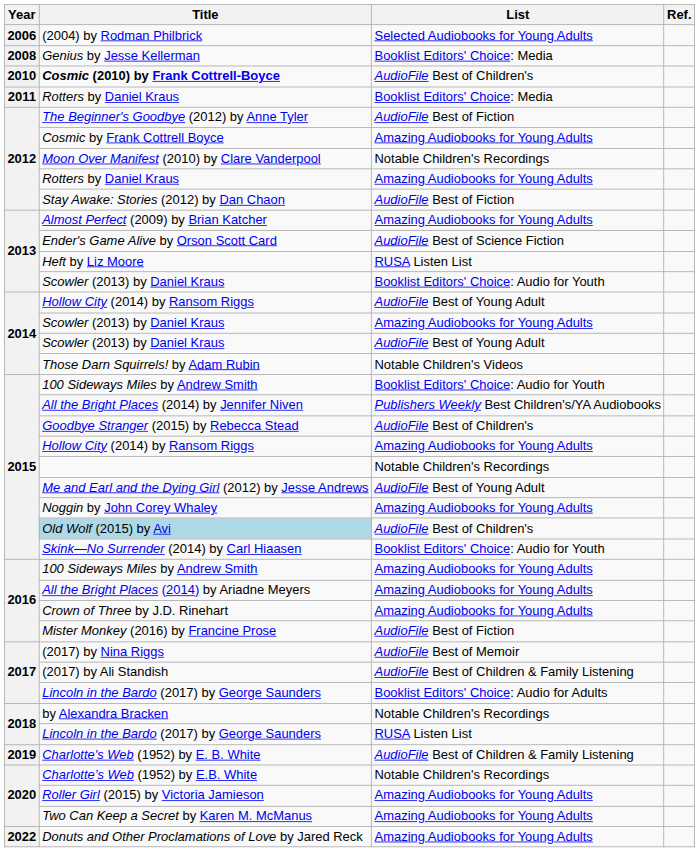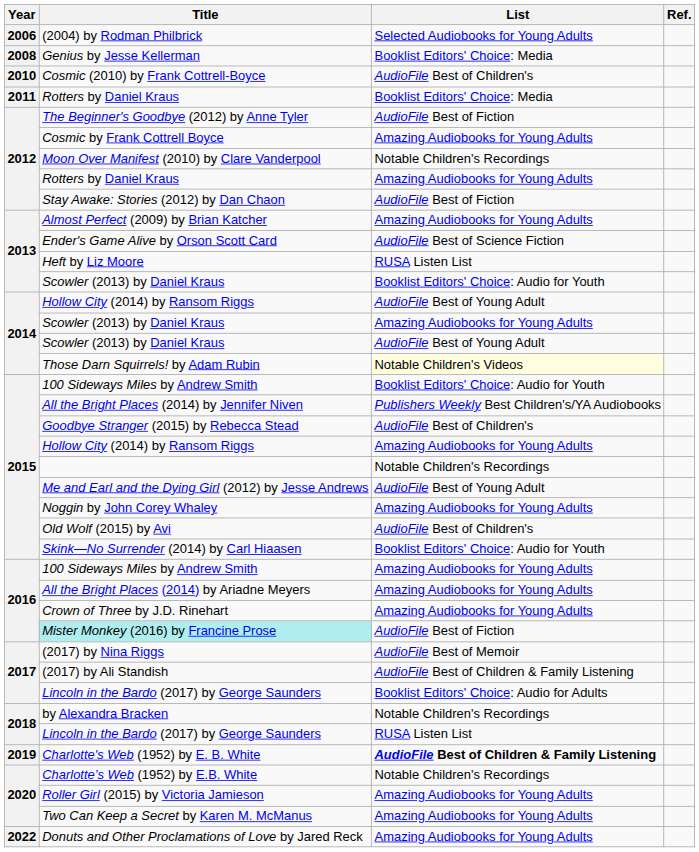 <table class="wikitable sortable mw-collapsible">
 <tr>
 <th>Year</th>
 <th>Title</th>
 <th>List</th>
 <th>Ref.</th>
 </tr>
 <tr>
 <th>2006</th>
 <td><em></em> (2004) by <a href='#'>Rodman Philbrick</a></td>
 <td><a href='#'>Selected Audiobooks for Young Adults</a></td>
 <td></td>
 </tr>
 <tr>
 <th>2008</th>
 <td><em>Genius</em> by <a href='#'>Jesse Kellerman</a></td>
 <td><a href='#'>Booklist Editors' Choice</a>: Media</td>
 <td></td>
 </tr>
 <tr>
 <th>2010</th>
-<td><strong><em>Cosmic</em> (2010) by <a href='#'>Frank Cottrell-Boyce</a></strong></td>
+<td><em>Cosmic</em> (2010) by <a href='#'>Frank Cottrell-Boyce</a></td>
 <td><em><a href='#'>AudioFile</a></em> Best of Children's</td>
 <td></td>
 </tr>
 <tr>
 <th>2011</th>
 <td><em>Rotters</em> by <a href='#'>Daniel Kraus</a></td>
 <td><a href='#'>Booklist Editors' Choice</a>: Media</td>
 <td></td>
 </tr>
 <tr>
 <th rowspan="5">2012</th>
 <td><em><a href='#'>The Beginner's Goodbye</a></em> (2012) by <a href='#'>Anne Tyler</a></td>
 <td><em><a href='#'>AudioFile</a></em> Best of Fiction</td>
 <td></td>
 </tr>
 <tr>
 <td><em>Cosmic</em>  by <a href='#'>Frank Cottrell Boyce</a></td>
 <td><a href='#'>Amazing Audiobooks for Young Adults</a></td>
 <td></td>
 </tr>
 <tr>
 <td><em><a href='#'>Moon Over Manifest</a></em> (2010) by   <a href='#'>Clare Vanderpool</a></td>
 <td>Notable Children's Recordings</td>
 <td></td>
 </tr>
 <tr>
 <td><em>Rotters</em> by <a href='#'>Daniel Kraus</a></td>
 <td><a href='#'>Amazing Audiobooks for Young Adults</a></td>
 <td></td>
 </tr>
 <tr>
 <td><em>Stay Awake: Stories</em> (2012) by <a href='#'>Dan Chaon</a></td>
 <td><em><a href='#'>AudioFile</a></em> Best of Fiction</td>
 <td></td>
 </tr>
 <tr>
 <th rowspan="4">2013</th>
 <td><em><a href='#'>Almost Perfect</a></em> (2009) by <a href='#'>Brian Katcher</a></td>
 <td><a href='#'>Amazing Audiobooks for Young Adults</a></td>
 <td></td>
 </tr>
 <tr>
 <td><em>Ender's Game Alive</em> by <a href='#'>Orson Scott Card</a></td>
 <td><em><a href='#'>AudioFile</a></em> Best of Science Fiction</td>
 <td></td>
 </tr>
 <tr>
 <td><em>Heft</em> by  <a href='#'>Liz Moore</a></td>
 <td><a href='#'>RUSA</a> Listen List</td>
 <td></td>
 </tr>
 <tr>
 <td><em>Scowler</em> (2013) by <a href='#'>Daniel Kraus</a></td>
 <td><a href='#'>Booklist Editors' Choice</a>: Audio for Youth</td>
 <td></td>
 </tr>
 <tr>
 <th rowspan="4">2014</th>
 <td><a href='#'><em>Hollow City</em></a> (2014) by <a href='#'>Ransom Riggs</a></td>
 <td><em><a href='#'>AudioFile</a></em> Best of Young Adult</td>
 <td></td>
 </tr>
 <tr>
 <td><em>Scowler</em> (2013) by <a href='#'>Daniel Kraus</a></td>
 <td><a href='#'>Amazing Audiobooks for Young Adults</a></td>
 <td></td>
 </tr>
 <tr>
 <td><em>Scowler</em> (2013) by <a href='#'>Daniel Kraus</a></td>
 <td><em><a href='#'>AudioFile</a></em> Best of Young Adult</td>
 <td></td>
 </tr>
 <tr>
 <td><em>Those Darn Squirrels!</em> by <a href='#'>Adam Rubin</a></td>
-<td>Notable Children's Videos</td>
+<td style="background: lightyellow;">Notable Children's Videos</td>
 <td></td>
 </tr>
 <tr>
 <th rowspan="9">2015</th>
 <td><em>100 Sideways Miles</em> by <a href='#'>Andrew Smith</a></td>
 <td><a href='#'>Booklist Editors' Choice</a>: Audio for Youth</td>
 <td></td>
 </tr>
 <tr>
 <td><em><a href='#'>All the Bright Places</a></em> (2014) by <a href='#'>Jennifer Niven</a></td>
 <td><em><a href='#'>Publishers Weekly</a></em>  Best Children's/YA Audiobooks</td>
 <td></td>
 </tr>
 <tr>
 <td><em><a href='#'>Goodbye Stranger</a></em> (2015) by <a href='#'>Rebecca Stead</a></td>
 <td><em><a href='#'>AudioFile</a></em> Best of Children's</td>
 <td></td>
 </tr>
 <tr>
 <td><a href='#'><em>Hollow City</em></a> (2014) by <a href='#'>Ransom Riggs</a></td>
 <td><a href='#'>Amazing Audiobooks for Young Adults</a></td>
 <td></td>
 </tr>
 <tr>
 <td><em></em></td>
 <td>Notable Children's Recordings</td>
 <td></td>
 </tr>
 <tr>
 <td><em><a href='#'>Me and Earl and the Dying Girl</a></em> (2012) by <a href='#'>Jesse Andrews</a></td>
 <td><em><a href='#'>AudioFile</a></em> Best of Young Adult</td>
 <td></td>
 </tr>
 <tr>
 <td><em>Noggin</em> by <a href='#'>John Corey Whaley</a></td>
 <td><a href='#'>Amazing Audiobooks for Young Adults</a></td>
 <td></td>
 </tr>
 <tr>
-<td style="background: lightblue;"><em>Old Wolf</em> (2015) by <a href='#'>Avi</a></td>
+<td><em>Old Wolf</em> (2015) by <a href='#'>Avi</a></td>
 <td><em><a href='#'>AudioFile</a></em> Best of Children's</td>
 <td></td>
 </tr>
 <tr>
 <td><em><a href='#'>Skink—No Surrender</a></em> (2014) by <a href='#'>Carl Hiaasen</a></td>
 <td><a href='#'>Booklist Editors' Choice</a>: Audio for Youth</td>
 <td></td>
 </tr>
 <tr>
 <th rowspan="4">2016</th>
 <td><em>100 Sideways Miles</em> by <a href='#'>Andrew Smith</a></td>
 <td><a href='#'>Amazing Audiobooks for Young Adults</a></td>
 <td></td>
 </tr>
 <tr>
 <td><em><a href='#'>All the Bright Places</a></em> <a href='#'>(2014)</a> by Ariadne Meyers</td>
 <td><a href='#'>Amazing Audiobooks for Young Adults</a></td>
 <td></td>
 </tr>
 <tr>
 <td><em>Crown of Three</em> by J.D. Rinehart</td>
 <td><a href='#'>Amazing Audiobooks for Young Adults</a></td>
 <td></td>
 </tr>
 <tr>
-<td><em>Mister Monkey</em> (2016) by <a href='#'>Francine Prose</a></td>
+<td style="background: paleturquoise;"><em>Mister Monkey</em> (2016) by <a href='#'>Francine Prose</a></td>
 <td><em><a href='#'>AudioFile</a></em> Best of Fiction</td>
 <td></td>
 </tr>
 <tr>
 <th rowspan="3">2017</th>
 <td><em></em> (2017) by <a href='#'>Nina Riggs</a></td>
 <td><em><a href='#'>AudioFile</a></em> Best of Memoir</td>
 <td></td>
 </tr>
 <tr>
 <td><em></em> (2017) by Ali Standish</td>
 <td><em><a href='#'>AudioFile</a></em> Best of Children & Family Listening</td>
 <td></td>
 </tr>
 <tr>
 <td><em><a href='#'>Lincoln in the Bardo</a></em> (2017) by <a href='#'>George Saunders</a></td>
 <td><a href='#'>Booklist Editors' Choice</a>: Audio for Adults</td>
 <td></td>
 </tr>
 <tr>
 <th rowspan="2">2018</th>
 <td><em></em> by <a href='#'>Alexandra Bracken</a></td>
 <td>Notable Children's Recordings</td>
 <td></td>
 </tr>
 <tr>
 <td><em><a href='#'>Lincoln in the Bardo</a></em> (2017) by <a href='#'>George Saunders</a></td>
 <td><a href='#'>RUSA</a> Listen List</td>
 <td></td>
 </tr>
 <tr>
 <th>2019</th>
 <td><em><a href='#'>Charlotte's Web</a></em> (1952) by <a href='#'>E. B. White</a></td>
-<td><em><a href='#'>AudioFile</a></em> Best of Children & Family Listening</td>
+<td><strong><em><a href='#'>AudioFile</a></em> Best of Children & Family Listening</strong></td>
 <td></td>
 </tr>
 <tr>
 <th rowspan="3">2020</th>
 <td><em><a href='#'>Charlotte’s Web</a></em> (1952) by <a href='#'>E.B. White</a></td>
 <td>Notable Children's Recordings</td>
 <td></td>
 </tr>
 <tr>
 <td><em><a href='#'>Roller Girl</a></em> (2015) by <a href='#'>Victoria Jamieson</a></td>
 <td><a href='#'>Amazing Audiobooks for Young Adults</a></td>
 <td></td>
 </tr>
 <tr>
 <td><em>Two Can Keep a Secret</em> by <a href='#'>Karen M. McManus</a></td>
 <td><a href='#'>Amazing Audiobooks for Young Adults</a></td>
 <td></td>
 </tr>
 <tr>
 <th>2022</th>
 <td><em>Donuts and Other Proclamations of Love</em> by Jared Reck</td>
 <td><a href='#'>Amazing Audiobooks for Young Adults</a></td>
 <td></td>
 </tr>
 </table>
